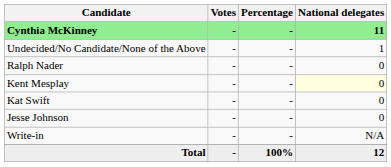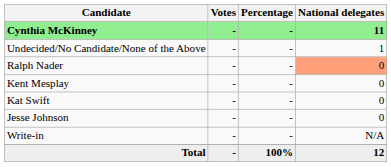 <table class="wikitable" style=" text-align:right;">
 <tr>
 <th>Candidate</th>
 <th>Votes</th>
 <th>Percentage</th>
 <th>National delegates</th>
 </tr>
 <tr style="background:lightgreen;">
 <td style="text-align:left;"><strong>Cynthia McKinney</strong></td>
 <td><strong>-</strong></td>
 <td><strong>-</strong></td>
 <td><strong>11</strong></td>
 </tr>
 <tr>
 <td style="text-align:left;">Undecided/No Candidate/None of the Above</td>
 <td>-</td>
 <td>-</td>
 <td>1</td>
 </tr>
 <tr>
 <td style="text-align:left;">Ralph Nader</td>
 <td>-</td>
 <td>-</td>
-<td>0</td>
+<td style="background: lightsalmon;">0</td>
 </tr>
 <tr>
 <td style="text-align:left;">Kent Mesplay</td>
 <td>-</td>
 <td>-</td>
-<td style="background: lightyellow;">0</td>
+<td>0</td>
 </tr>
 <tr>
 <td style="text-align:left;">Kat Swift</td>
 <td>-</td>
 <td>-</td>
 <td>0</td>
 </tr>
 <tr>
 <td style="text-align:left;">Jesse Johnson</td>
 <td>-</td>
 <td>-</td>
 <td>0</td>
 </tr>
 <tr>
 <td style="text-align:left;">Write-in</td>
 <td>-</td>
 <td>-</td>
 <td>N/A</td>
 </tr>
 <tr>
 </tr>
 <tr style="background:#eee;">
 <td style="margin-right:0.50px"><strong>Total</strong></td>
 <td style="margin-right:0.50px"><strong>-</strong></td>
 <td style="margin-right:0.50px"><strong>100%</strong></td>
 <td style="margin-right:0.50px"><strong>12</strong></td>
 </tr>
 </table>
